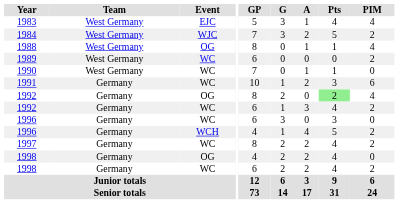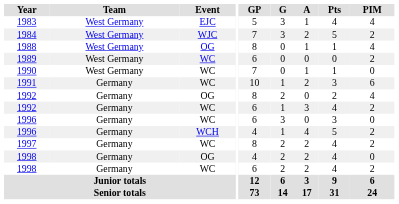 <table border="0" cellpadding="1" cellspacing="0" ID="Table3" style="text-align:center; width:40em">
 <tr ALIGN="center" bgcolor="#e0e0e0">
 <th>Year</th>
 <th>Team</th>
 <th>Event</th>
 <th rowspan="99" bgcolor="#ffffff"></th>
 <th>GP</th>
 <th>G</th>
 <th>A</th>
 <th>Pts</th>
 <th>PIM</th>
 </tr>
 <tr>
 <td><a href='#'>1983</a></td>
 <td><a href='#'>West Germany</a></td>
 <td><a href='#'>EJC</a></td>
 <td>5</td>
 <td>3</td>
 <td>1</td>
 <td>4</td>
 <td>4</td>
 </tr>
 <tr bgcolor="#f0f0f0">
 <td><a href='#'>1984</a></td>
 <td><a href='#'>West Germany</a></td>
 <td><a href='#'>WJC</a></td>
 <td>7</td>
 <td>3</td>
 <td>2</td>
 <td>5</td>
 <td>2</td>
 </tr>
 <tr>
 <td><a href='#'>1988</a></td>
 <td><a href='#'>West Germany</a></td>
 <td><a href='#'>OG</a></td>
 <td>8</td>
 <td>0</td>
 <td>1</td>
 <td>1</td>
 <td>4</td>
 </tr>
 <tr bgcolor="#f0f0f0">
 <td><a href='#'>1989</a></td>
 <td>West Germany</td>
 <td><a href='#'>WC</a></td>
 <td>6</td>
 <td>0</td>
 <td>0</td>
 <td>0</td>
 <td>2</td>
 </tr>
 <tr>
 <td><a href='#'>1990</a></td>
 <td>West Germany</td>
 <td>WC</td>
 <td>7</td>
 <td>0</td>
 <td>1</td>
 <td>1</td>
 <td>0</td>
 </tr>
 <tr bgcolor="#f0f0f0">
 <td><a href='#'>1991</a></td>
 <td>Germany</td>
 <td>WC</td>
 <td>10</td>
 <td>1</td>
 <td>2</td>
 <td>3</td>
 <td>6</td>
 </tr>
 <tr>
 <td><a href='#'>1992</a></td>
 <td>Germany</td>
 <td>OG</td>
 <td>8</td>
 <td>2</td>
 <td>0</td>
-<td style="background: lightgreen;">2</td>
+<td>2</td>
 <td>4</td>
 </tr>
 <tr bgcolor="#f0f0f0">
 <td><a href='#'>1992</a></td>
 <td>Germany</td>
 <td>WC</td>
 <td>6</td>
 <td>1</td>
 <td>3</td>
 <td>4</td>
 <td>2</td>
 </tr>
 <tr>
 <td><a href='#'>1996</a></td>
 <td>Germany</td>
 <td>WC</td>
 <td>6</td>
 <td>3</td>
 <td>0</td>
 <td>3</td>
 <td>0</td>
 </tr>
 <tr bgcolor="#f0f0f0">
 <td><a href='#'>1996</a></td>
 <td>Germany</td>
 <td><a href='#'>WCH</a></td>
 <td>4</td>
 <td>1</td>
 <td>4</td>
 <td>5</td>
 <td>2</td>
 </tr>
 <tr>
 <td><a href='#'>1997</a></td>
 <td>Germany</td>
 <td>WC</td>
 <td>8</td>
 <td>2</td>
 <td>2</td>
 <td>4</td>
 <td>2</td>
 </tr>
 <tr bgcolor="#f0f0f0">
 <td><a href='#'>1998</a></td>
 <td>Germany</td>
 <td>OG</td>
 <td>4</td>
 <td>2</td>
 <td>2</td>
 <td>4</td>
 <td>0</td>
 </tr>
 <tr>
 <td><a href='#'>1998</a></td>
 <td>Germany</td>
 <td>WC</td>
 <td>6</td>
 <td>2</td>
 <td>2</td>
 <td>4</td>
 <td>2</td>
 </tr>
 <tr bgcolor="#e0e0e0">
 <th colspan="3">Junior totals</th>
 <th>12</th>
 <th>6</th>
 <th>3</th>
 <th>9</th>
 <th>6</th>
 </tr>
 <tr bgcolor="#e0e0e0">
 <th colspan="3">Senior totals</th>
 <th>73</th>
 <th>14</th>
 <th>17</th>
 <th>31</th>
 <th>24</th>
 </tr>
 </table>
